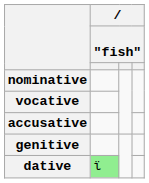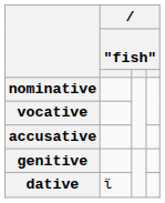 <table class="wikitable polytonic">
 <tr>
 <th rowspan="3"></th>
 <th colspan="3">/</th>
 </tr>
 <tr>
 <th colspan="3"><br>"fish"</th>
 </tr>
 <tr>
 <th></th>
 <th></th>
 <th></th>
 </tr>
 <tr>
 <th>nominative</th>
 <td></td>
 <td rowspan="3"></td>
 <td rowspan="2"></td>
 </tr>
 <tr>
 <th>vocative</th>
 <td></td>
 </tr>
 <tr>
 <th>accusative</th>
 <td></td>
 <td></td>
 </tr>
 <tr>
 <th>genitive</th>
 <td></td>
 <td rowspan="2"></td>
 <td></td>
 </tr>
 <tr>
 <th>dative</th>
-<td style="background: lightgreen;">ϊ</td>
+<td>ϊ</td>
 <td></td>
 </tr>
 </table>
